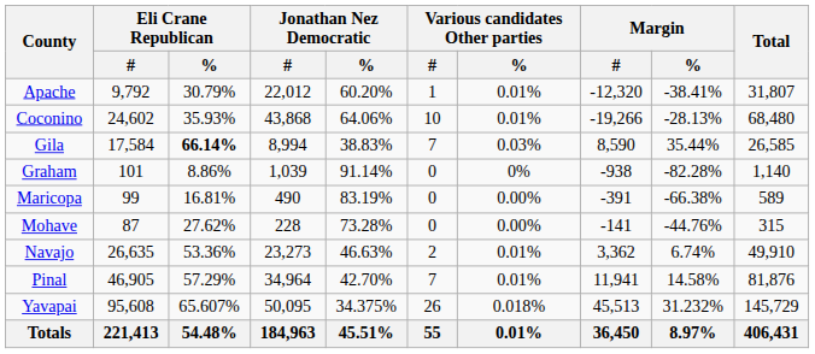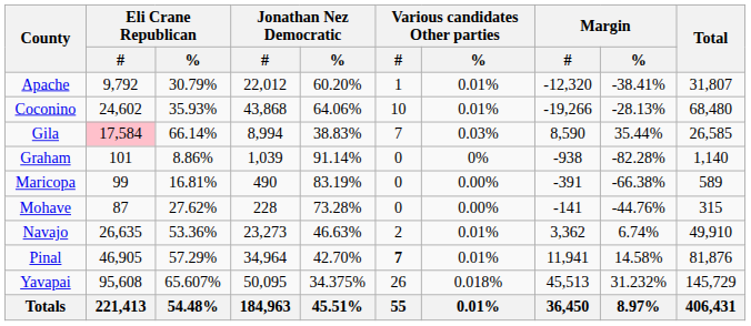 <table class="wikitable sortable" width="60%">
 <tr>
 <th rowspan="2">County</th>
 <th colspan="2">Eli Crane<br>Republican</th>
 <th colspan="2">Jonathan Nez<br>Democratic</th>
 <th colspan="2">Various candidates<br>Other parties</th>
 <th colspan="2">Margin</th>
 <th rowspan="2">Total</th>
 </tr>
 <tr>
 <th data-sort-type="number" style="text-align:center;">#</th>
 <th data-sort-type="number" style="text-align:center;">%</th>
 <th data-sort-type="number" style="text-align:center;">#</th>
 <th data-sort-type="number" style="text-align:center;">%</th>
 <th data-sort-type="number" style="text-align:center;">#</th>
 <th data-sort-type="number" style="text-align:center;">%</th>
 <th data-sort-type="number" style="text-align:center;">#</th>
 <th data-sort-type="number" style="text-align:center;">%</th>
 </tr>
 <tr style="text-align:center;">
 <td><a href='#'>Apache</a></td>
 <td>9,792</td>
 <td>30.79%</td>
 <td>22,012</td>
 <td>60.20%</td>
 <td>1</td>
 <td>0.01%</td>
 <td>-12,320</td>
 <td>-38.41%</td>
 <td>31,807</td>
 </tr>
 <tr style="text-align:center;">
 <td><a href='#'>Coconino</a></td>
 <td>24,602</td>
 <td>35.93%</td>
 <td>43,868</td>
 <td>64.06%</td>
 <td>10</td>
 <td>0.01%</td>
 <td>-19,266</td>
 <td>-28.13%</td>
 <td>68,480</td>
 </tr>
 <tr style="text-align:center;">
 <td><a href='#'>Gila</a></td>
-<td>17,584</td>
-<td><strong>66.14%</strong></td>
+<td style="background: pink;">17,584</td>
+<td>66.14%</td>
 <td>8,994</td>
 <td>38.83%</td>
 <td>7</td>
 <td>0.03%</td>
 <td>8,590</td>
 <td>35.44%</td>
 <td>26,585</td>
 </tr>
 <tr style="text-align:center;">
 <td><a href='#'>Graham</a></td>
 <td>101</td>
 <td>8.86%</td>
 <td>1,039</td>
 <td>91.14%</td>
 <td>0</td>
 <td>0%</td>
 <td>-938</td>
 <td>-82.28%</td>
 <td>1,140</td>
 </tr>
 <tr style="text-align:center;">
 <td><a href='#'>Maricopa</a></td>
 <td>99</td>
 <td>16.81%</td>
 <td>490</td>
 <td>83.19%</td>
 <td>0</td>
 <td>0.00%</td>
 <td>-391</td>
 <td>-66.38%</td>
 <td>589</td>
 </tr>
 <tr style="text-align:center;">
 <td><a href='#'>Mohave</a></td>
 <td>87</td>
 <td>27.62%</td>
 <td>228</td>
 <td>73.28%</td>
 <td>0</td>
 <td>0.00%</td>
 <td>-141</td>
 <td>-44.76%</td>
 <td>315</td>
 </tr>
 <tr style="text-align:center;">
 <td><a href='#'>Navajo</a></td>
 <td>26,635</td>
 <td>53.36%</td>
 <td>23,273</td>
 <td>46.63%</td>
 <td>2</td>
 <td>0.01%</td>
 <td>3,362</td>
 <td>6.74%</td>
 <td>49,910</td>
 </tr>
 <tr style="text-align:center;">
 <td><a href='#'>Pinal</a></td>
 <td>46,905</td>
 <td>57.29%</td>
 <td>34,964</td>
 <td>42.70%</td>
-<td>7</td>
+<td><strong>7</strong></td>
 <td>0.01%</td>
 <td>11,941</td>
 <td>14.58%</td>
 <td>81,876</td>
 </tr>
 <tr style="text-align:center;">
 <td><a href='#'>Yavapai</a></td>
 <td>95,608</td>
 <td>65.607%</td>
 <td>50,095</td>
 <td>34.375%</td>
 <td>26</td>
 <td>0.018%</td>
 <td>45,513</td>
 <td>31.232%</td>
 <td>145,729</td>
 </tr>
 <tr>
 <th>Totals</th>
 <th>221,413</th>
 <th>54.48%</th>
 <th>184,963</th>
 <th>45.51%</th>
 <th>55</th>
 <th>0.01%</th>
 <th>36,450</th>
 <th>8.97%</th>
 <th>406,431</th>
 </tr>
 </table>
